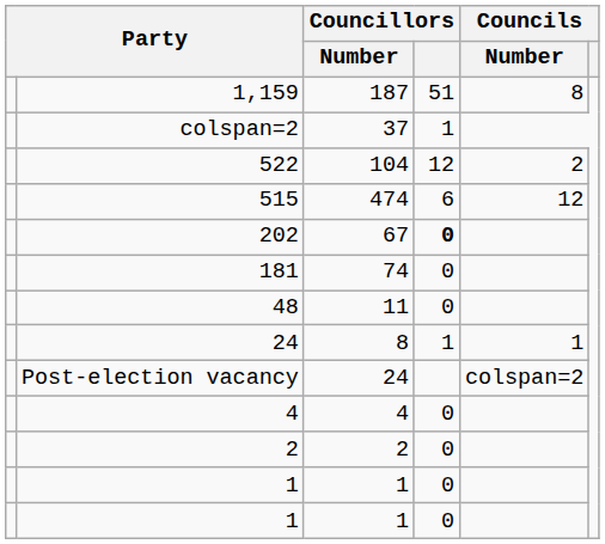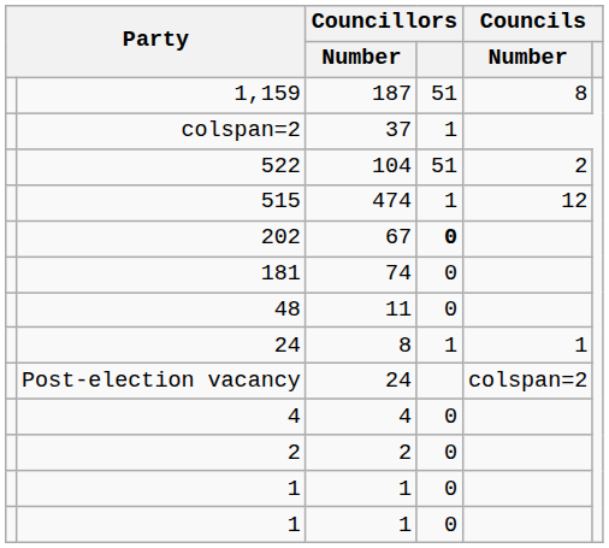 <table id="tblbyparty" class="wikitable" style="text-align:right; font-size:95%;">
 <tr>
 <th colspan="2" rowspan="2">Party</th>
 <th colspan="2">Councillors</th>
 <th colspan="2">Councils</th>
 </tr>
 <tr>
 <th scope="col">Number</th>
 <th scope="col"></th>
 <th scope="col">Number</th>
 <th scope="col"></th>
 </tr>
 <tr>
 <td></td>
 <td>1,159</td>
 <td> 187</td>
 <td>51</td>
 <td> 8</td>
 </tr>
 <tr>
 <td></td>
 <td>colspan=2 </td>
 <td>37</td>
 <td> 1</td>
 </tr>
 <tr>
 <td></td>
 <td>522</td>
 <td> 104</td>
-<td>12</td>
+<td>51</td>
 <td> 2</td>
 </tr>
 <tr>
 <td></td>
 <td>515</td>
 <td> 474</td>
-<td>6</td>
+<td>1</td>
 <td> 12</td>
 </tr>
 <tr>
 <td></td>
 <td>202</td>
 <td> 67</td>
 <td><strong>0</strong></td>
 <td></td>
 </tr>
 <tr>
 <td></td>
 <td>181</td>
 <td> 74</td>
 <td>0</td>
 <td></td>
 </tr>
 <tr>
 <td></td>
 <td>48</td>
 <td> 11</td>
 <td>0</td>
 <td></td>
 </tr>
 <tr>
 <td></td>
 <td>24</td>
 <td> 8</td>
 <td>1</td>
 <td> 1</td>
 </tr>
 <tr>
 <td></td>
 <td scope="row" style="text-align: left;">Post-election vacancy</td>
 <td>24</td>
 <td></td>
 <td>colspan=2 </td>
 </tr>
 <tr>
 <td></td>
 <td>4</td>
 <td> 4</td>
 <td>0</td>
 <td></td>
 </tr>
 <tr>
 <td></td>
 <td>2</td>
 <td> 2</td>
 <td>0</td>
 <td></td>
 </tr>
 <tr>
 <td></td>
 <td>1</td>
 <td> 1</td>
 <td>0</td>
 <td></td>
 </tr>
 <tr>
 <td></td>
 <td>1</td>
 <td> 1</td>
 <td>0</td>
 <td></td>
 </tr>
 </table>
